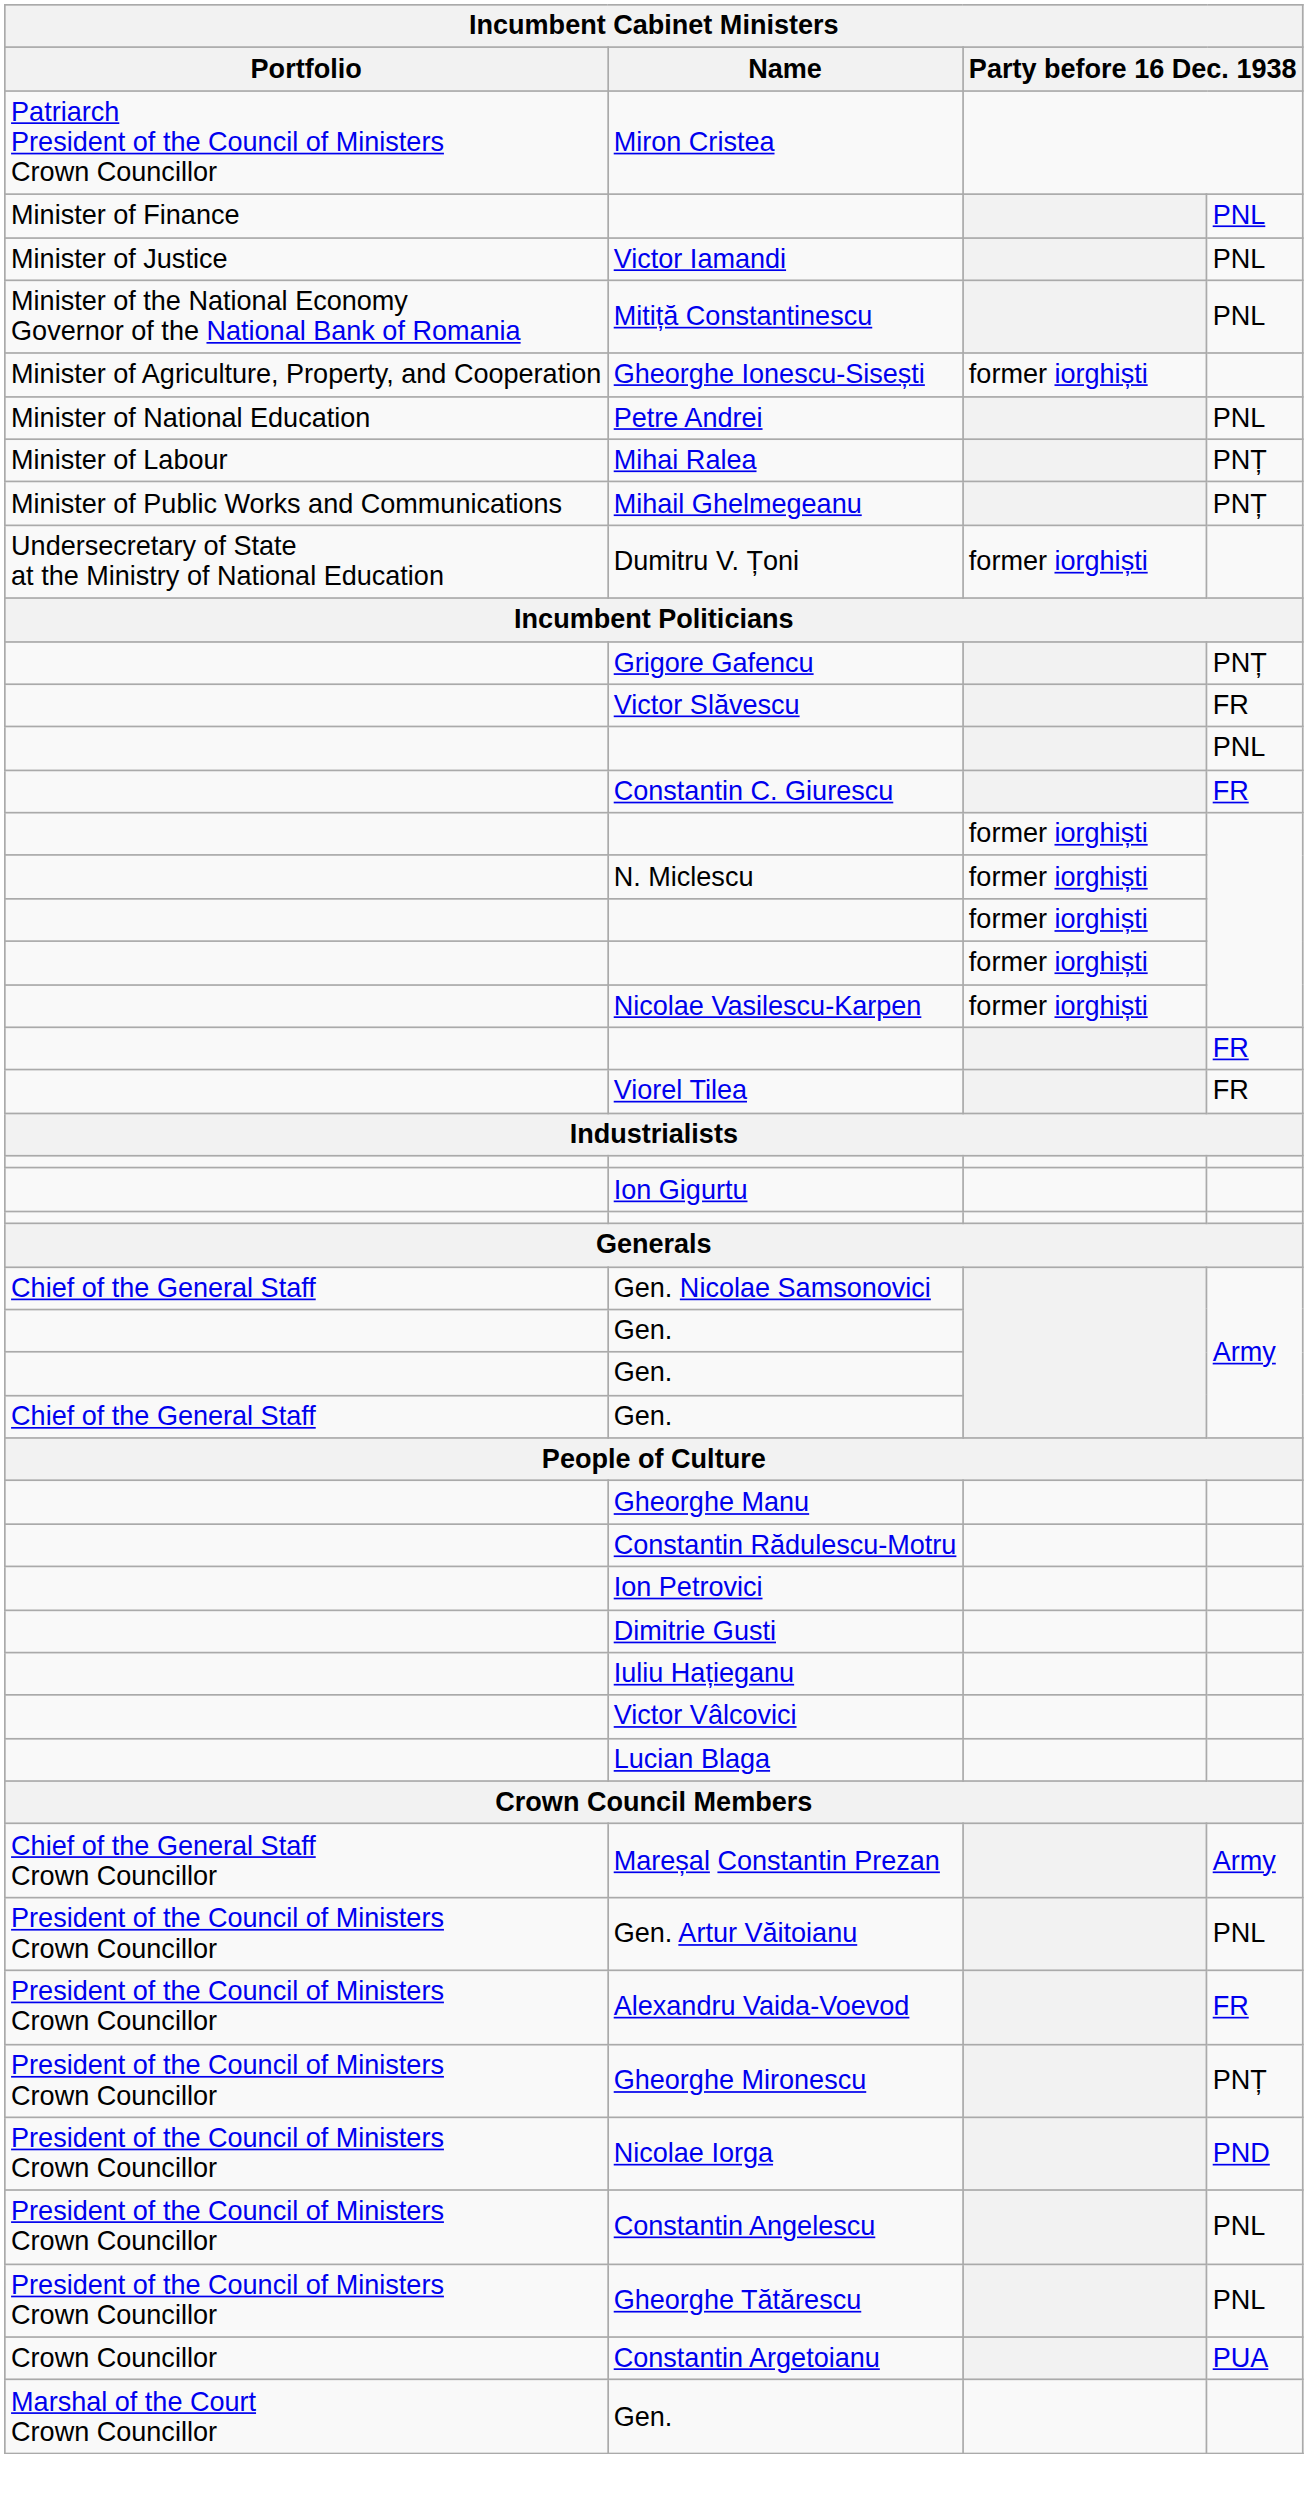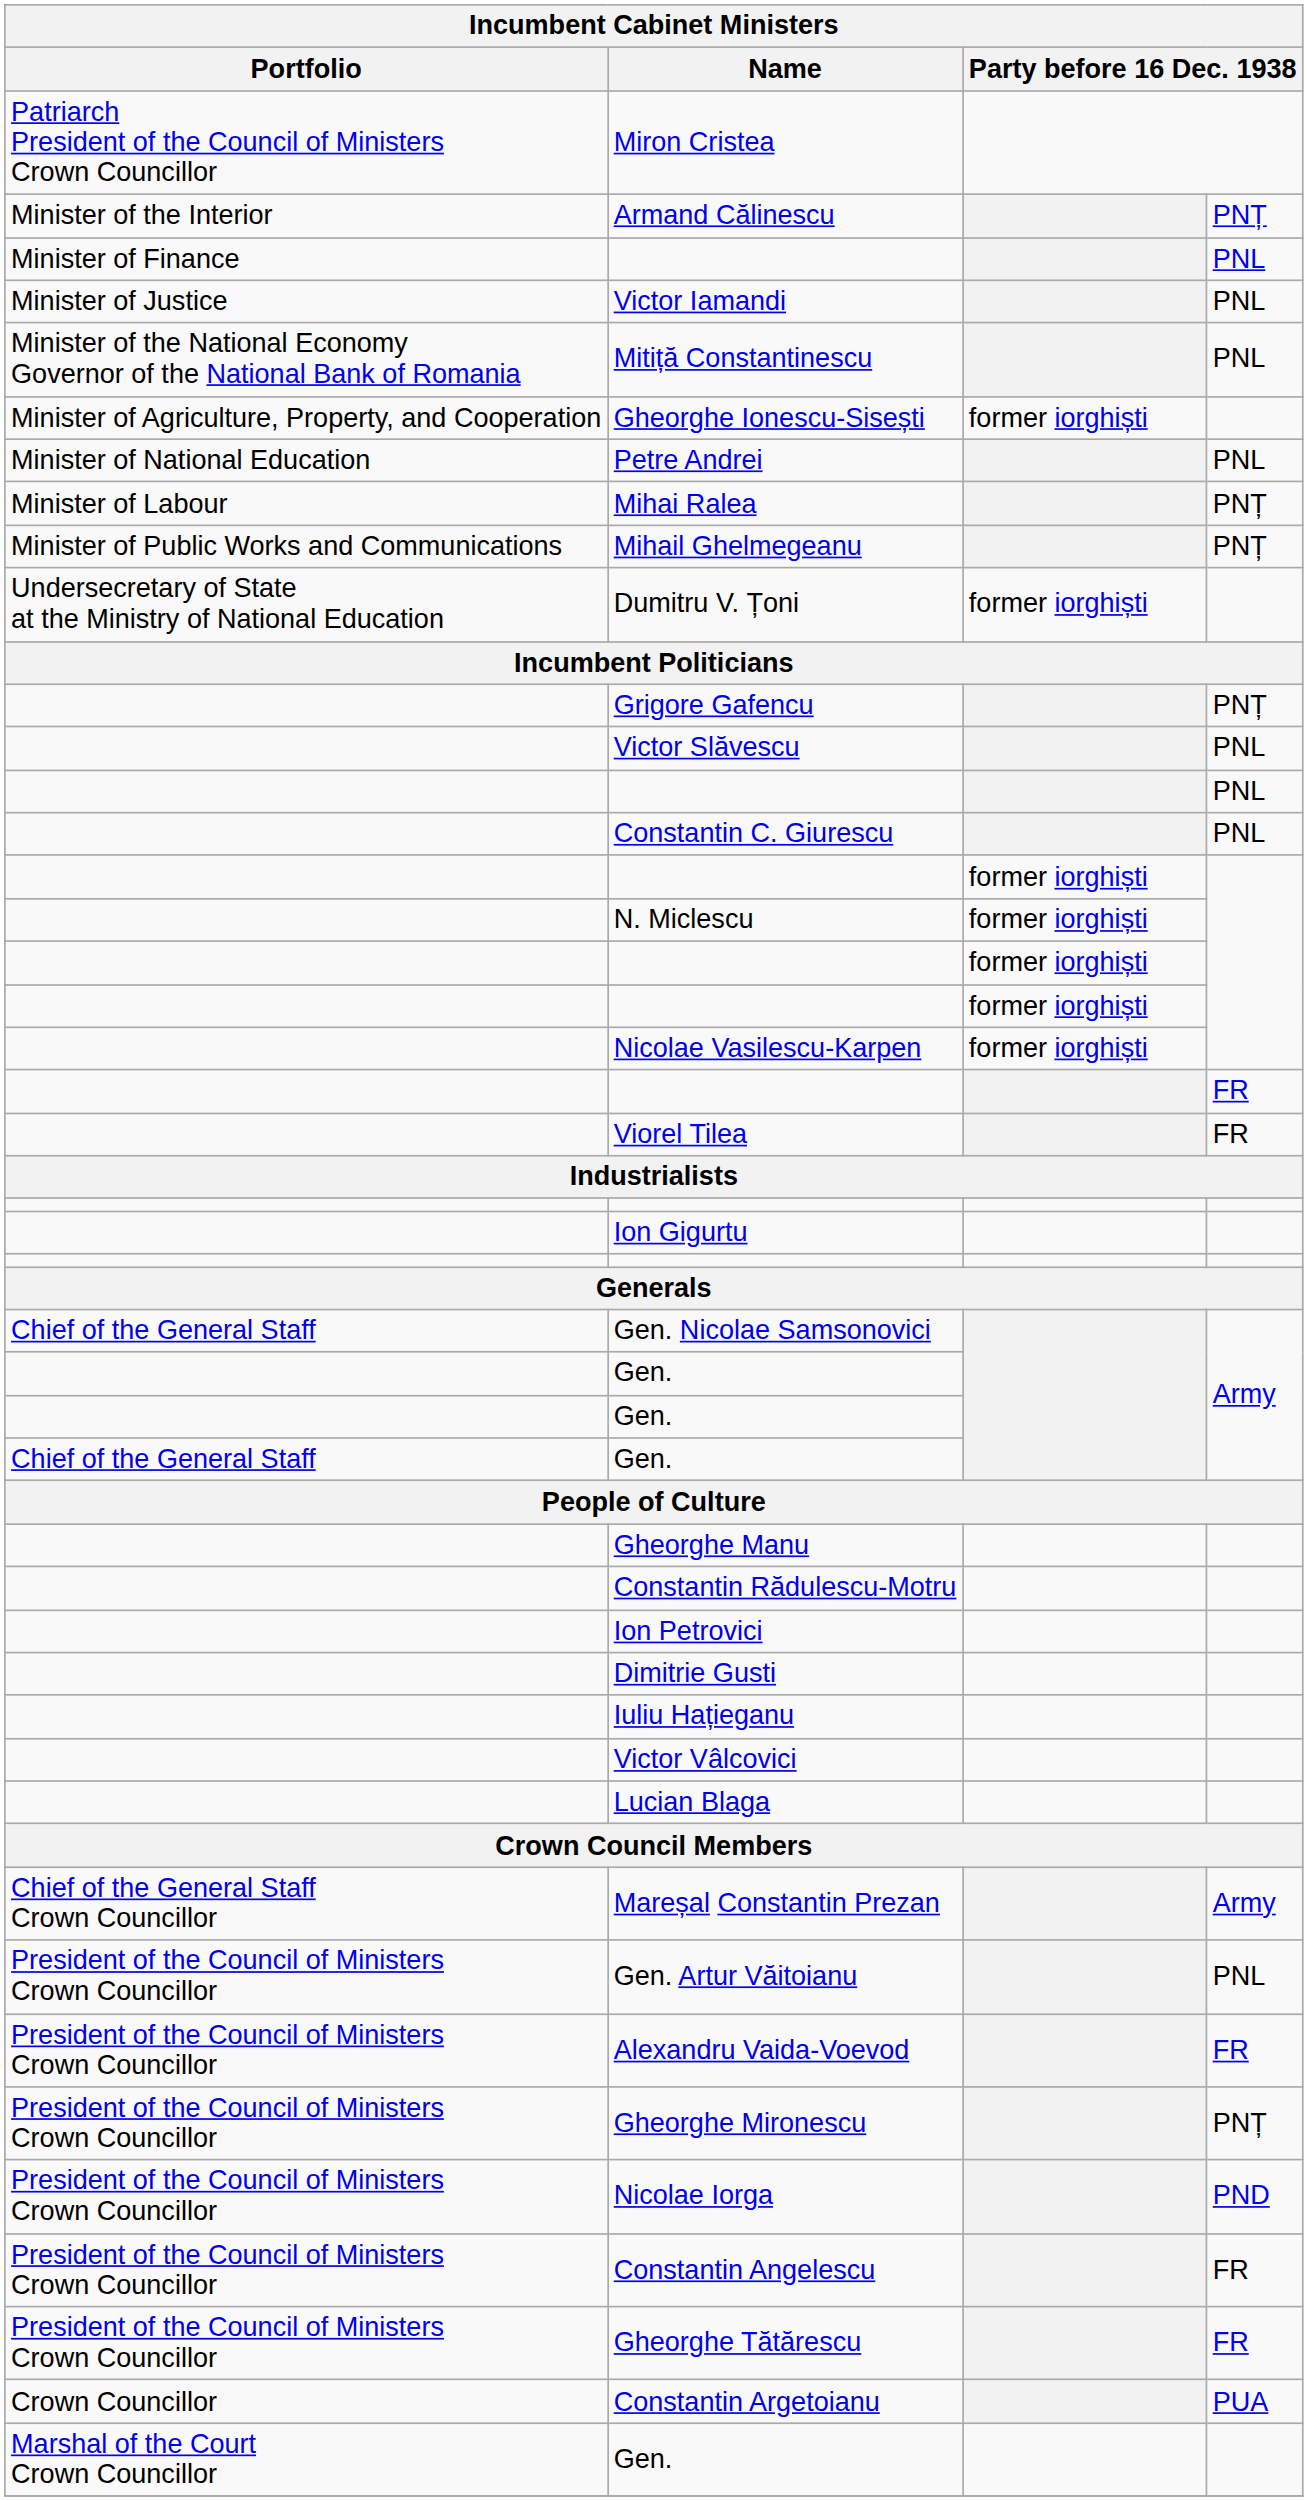 <table class="wikitable">
 <tr>
 <th colspan=4>Incumbent Cabinet Ministers</th>
 </tr>
 <tr>
 <th>Portfolio</th>
 <th>Name</th>
 <th colspan=2>Party before 16 Dec. 1938</th>
 </tr>
 <tr>
 <td><a href='#'>Patriarch</a><br><a href='#'>President of the Council of Ministers</a><br>Crown Councillor</td>
 <td><a href='#'>Miron Cristea</a></td>
 <td colspan=2></td>
+</tr>
+<tr>
+<td>Minister of the Interior</td>
+<td><a href='#'>Armand Călinescu</a></td>
+<th style="background:"></th>
+<td><a href='#'>PNȚ</a></td>
 </tr>
 <tr>
 <td>Minister of Finance</td>
 <td></td>
 <th style="background:"></th>
 <td><a href='#'>PNL</a></td>
 </tr>
 <tr>
 <td>Minister of Justice</td>
 <td><a href='#'>Victor Iamandi</a></td>
 <th style="background:"></th>
 <td>PNL</td>
 </tr>
 <tr>
 <td>Minister of the National Economy<br>Governor of the <a href='#'>National Bank of Romania</a></td>
 <td><a href='#'>Mitiță Constantinescu</a></td>
 <th style="background:"></th>
 <td>PNL</td>
 </tr>
 <tr>
 <td>Minister of Agriculture, Property, and Cooperation</td>
 <td><a href='#'>Gheorghe Ionescu-Sisești</a></td>
 <td>former <a href='#'>iorghiști</a></td>
 </tr>
 <tr>
 <td>Minister of National Education</td>
 <td><a href='#'>Petre Andrei</a></td>
 <th style="background:"></th>
 <td>PNL</td>
 </tr>
 <tr>
 <td>Minister of Labour</td>
 <td><a href='#'>Mihai Ralea</a></td>
 <th style="background:"></th>
 <td>PNȚ</td>
 </tr>
 <tr>
 <td>Minister of Public Works and Communications</td>
 <td><a href='#'>Mihail Ghelmegeanu</a></td>
 <th style="background:"></th>
 <td>PNȚ</td>
 </tr>
 <tr>
 <td>Undersecretary of State<br>at the Ministry of National Education</td>
 <td>Dumitru V. Țoni</td>
 <td>former <a href='#'>iorghiști</a></td>
 </tr>
 <tr>
 <th colspan=4>Incumbent Politicians</th>
 </tr>
 <tr>
 <td></td>
 <td><a href='#'>Grigore Gafencu</a></td>
 <th style="background:"></th>
 <td>PNȚ</td>
 </tr>
 <tr>
 <td></td>
 <td><a href='#'>Victor Slăvescu</a></td>
 <th style="background:"></th>
-<td>FR</td>
+<td>PNL</td>
 </tr>
 <tr>
 <td></td>
 <td></td>
 <th style="background:"></th>
 <td>PNL</td>
 </tr>
 <tr>
 <td></td>
 <td><a href='#'>Constantin C. Giurescu</a></td>
 <th style="background:"></th>
-<td><a href='#'>FR</a></td>
+<td>PNL</td>
 </tr>
 <tr>
 <td></td>
 <td></td>
 <td>former <a href='#'>iorghiști</a></td>
 </tr>
 <tr>
 <td></td>
 <td>N. Miclescu</td>
 <td>former <a href='#'>iorghiști</a></td>
 </tr>
 <tr>
 <td></td>
 <td></td>
 <td>former <a href='#'>iorghiști</a></td>
 </tr>
 <tr>
 <td></td>
 <td></td>
 <td>former <a href='#'>iorghiști</a></td>
 </tr>
 <tr>
 <td></td>
 <td><a href='#'>Nicolae Vasilescu-Karpen</a></td>
 <td>former <a href='#'>iorghiști</a></td>
 </tr>
 <tr>
 <td></td>
 <td></td>
 <th style="background:"></th>
 <td><a href='#'>FR</a></td>
 </tr>
 <tr>
 <td></td>
 <td><a href='#'>Viorel Tilea</a></td>
 <th style="background:"></th>
 <td>FR</td>
 </tr>
 <tr>
 <th colspan=4>Industrialists</th>
 </tr>
 <tr>
 <td></td>
 <td></td>
 <td></td>
 <td></td>
 </tr>
 <tr>
 <td></td>
 <td><a href='#'>Ion Gigurtu</a></td>
 <td></td>
 <td></td>
 </tr>
 <tr>
 <td></td>
 <td></td>
 <td></td>
 <td></td>
 </tr>
 <tr>
 <th colspan=4>Generals</th>
 </tr>
 <tr>
 <td><a href='#'>Chief of the General Staff</a> </td>
 <td>Gen. <a href='#'>Nicolae Samsonovici</a></td>
 <th rowspan=4 style="background:"></th>
 <td rowspan=4><a href='#'>Army</a></td>
 </tr>
 <tr>
 <td></td>
 <td>Gen. </td>
 </tr>
 <tr>
 <td></td>
 <td>Gen. </td>
 </tr>
 <tr>
 <td><a href='#'>Chief of the General Staff</a> </td>
 <td>Gen. </td>
 </tr>
 <tr>
 <th colspan=4>People of Culture</th>
 </tr>
 <tr>
 <td></td>
 <td><a href='#'>Gheorghe Manu</a></td>
 <td></td>
 <td></td>
 </tr>
 <tr>
 <td></td>
 <td><a href='#'>Constantin Rădulescu-Motru</a></td>
 <td></td>
 <td></td>
 </tr>
 <tr>
 <td></td>
 <td><a href='#'>Ion Petrovici</a></td>
 <td></td>
 <td></td>
 </tr>
 <tr>
 <td></td>
 <td><a href='#'>Dimitrie Gusti</a></td>
 <td></td>
 <td></td>
 </tr>
 <tr>
 <td></td>
 <td><a href='#'>Iuliu Hațieganu</a></td>
 <td></td>
 <td></td>
 </tr>
 <tr>
 <td></td>
 <td><a href='#'>Victor Vâlcovici</a></td>
 <td></td>
 <td></td>
 </tr>
 <tr>
 <td></td>
 <td><a href='#'>Lucian Blaga</a></td>
 <td></td>
 <td></td>
 </tr>
 <tr>
 <th colspan=4>Crown Council Members</th>
 </tr>
 <tr>
 <td><a href='#'>Chief of the General Staff</a> <br>Crown Councillor</td>
 <td><a href='#'>Mareșal</a> <a href='#'>Constantin Prezan</a></td>
 <th style="background:"></th>
 <td><a href='#'>Army</a></td>
 </tr>
 <tr>
 <td><a href='#'>President of the Council of Ministers</a> <br>Crown Councillor</td>
 <td>Gen. <a href='#'>Artur Văitoianu</a></td>
 <th style="background:"></th>
 <td>PNL</td>
 </tr>
 <tr>
 <td><a href='#'>President of the Council of Ministers</a> <br>Crown Councillor</td>
 <td><a href='#'>Alexandru Vaida-Voevod</a></td>
 <th style="background:"></th>
 <td><a href='#'>FR</a></td>
 </tr>
 <tr>
 <td><a href='#'>President of the Council of Ministers</a> <br>Crown Councillor</td>
 <td><a href='#'>Gheorghe Mironescu</a></td>
 <th style="background:"></th>
 <td>PNȚ</td>
 </tr>
 <tr>
 <td><a href='#'>President of the Council of Ministers</a> <br>Crown Councillor</td>
 <td><a href='#'>Nicolae Iorga</a></td>
 <th style="background:"></th>
 <td><a href='#'>PND</a></td>
 </tr>
 <tr>
 <td><a href='#'>President of the Council of Ministers</a> <br>Crown Councillor</td>
 <td><a href='#'>Constantin Angelescu</a></td>
 <th style="background:"></th>
-<td>PNL</td>
+<td>FR</td>
 </tr>
 <tr>
 <td><a href='#'>President of the Council of Ministers</a> <br>Crown Councillor</td>
 <td><a href='#'>Gheorghe Tătărescu</a></td>
 <th style="background:"></th>
-<td>PNL</td>
+<td><a href='#'>FR</a></td>
 </tr>
 <tr>
 <td>Crown Councillor</td>
 <td><a href='#'>Constantin Argetoianu</a></td>
 <th style="background:"></th>
 <td><a href='#'>PUA</a></td>
 </tr>
 <tr>
 <td><a href='#'>Marshal of the Court</a> <br>Crown Councillor</td>
 <td>Gen. </td>
 <td></td>
 <td></td>
 </tr>
 <tr>
 </tr>
 </table>
